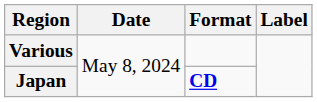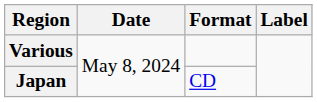 <table class="wikitable plainrowheaders">
 <tr>
 <th scope="col">Region</th>
 <th scope="col">Date</th>
 <th scope="col">Format</th>
 <th scope="col">Label</th>
 </tr>
 <tr>
 <th scope="row">Various</th>
 <td rowspan="2">May 8, 2024</td>
 <td></td>
 <td rowspan="2"></td>
 </tr>
 <tr>
 <th scope="row">Japan</th>
-<td><strong><a href='#'>CD</a></strong></td>
+<td><a href='#'>CD</a></td>
 </tr>
 </table>
